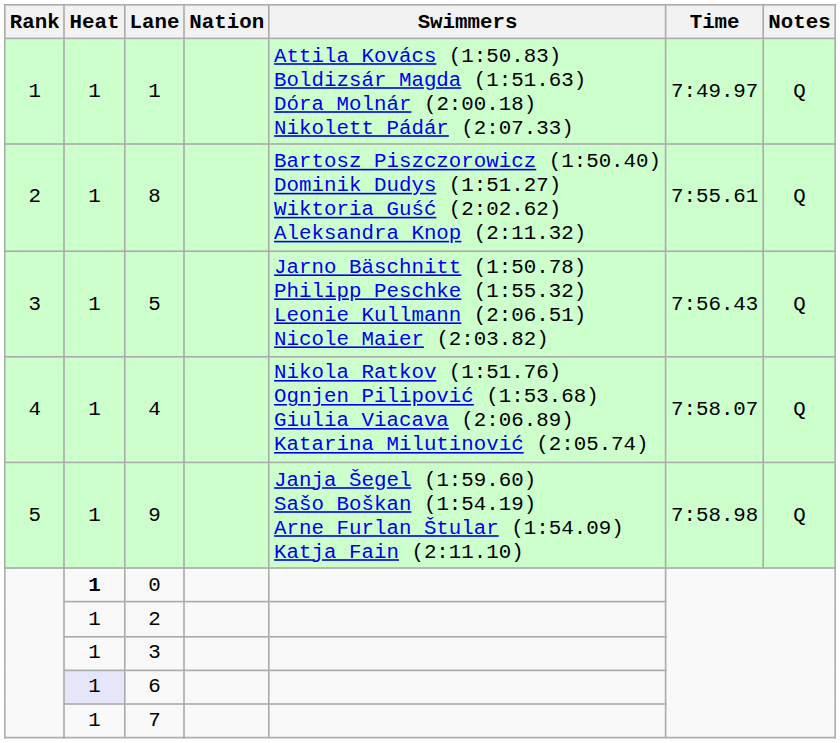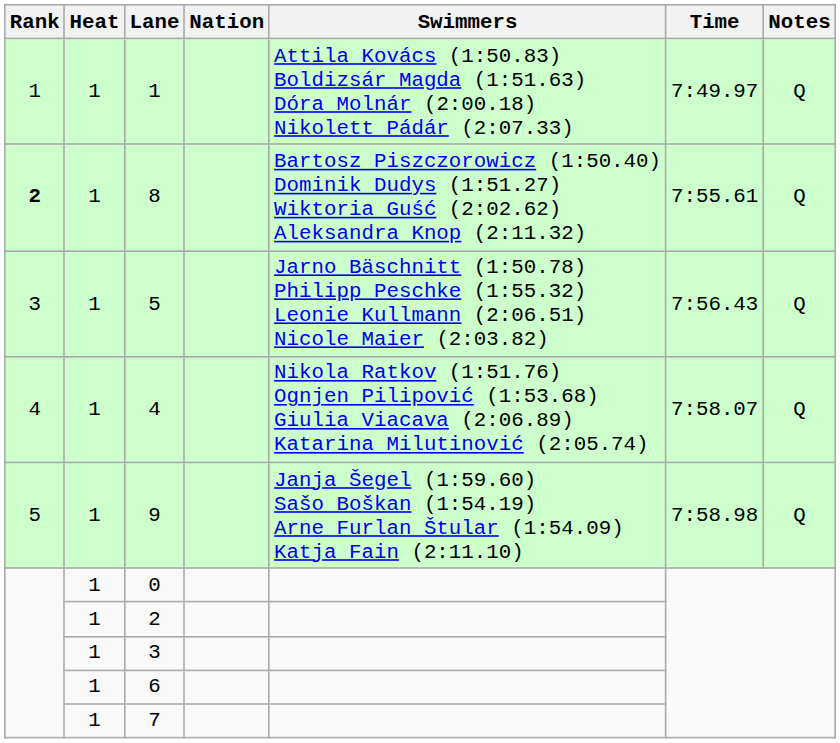 <table class="wikitable sortable" style="text-align:center">
 <tr>
 <th>Rank</th>
 <th>Heat</th>
 <th>Lane</th>
 <th>Nation</th>
 <th>Swimmers</th>
 <th>Time</th>
 <th>Notes</th>
 </tr>
 <tr bgcolor=ccffcc>
 <td>1</td>
 <td>1</td>
 <td>1</td>
 <td align=left></td>
 <td align=left><a href='#'>Attila Kovács</a> (1:50.83)<br><a href='#'>Boldizsár Magda</a> (1:51.63)<br><a href='#'>Dóra Molnár</a> (2:00.18)<br><a href='#'>Nikolett Pádár</a> (2:07.33)</td>
 <td>7:49.97</td>
 <td>Q</td>
 </tr>
 <tr bgcolor=ccffcc>
-<td>2</td>
+<td><strong>2</strong></td>
 <td>1</td>
 <td>8</td>
 <td align=left></td>
 <td align=left><a href='#'>Bartosz Piszczorowicz</a> (1:50.40)<br><a href='#'>Dominik Dudys</a> (1:51.27)<br><a href='#'>Wiktoria Guść</a> (2:02.62)<br><a href='#'>Aleksandra Knop</a> (2:11.32)</td>
 <td>7:55.61</td>
 <td>Q</td>
 </tr>
 <tr bgcolor=ccffcc>
 <td>3</td>
 <td>1</td>
 <td>5</td>
 <td align=left></td>
 <td align=left><a href='#'>Jarno Bäschnitt</a> (1:50.78)<br><a href='#'>Philipp Peschke</a> (1:55.32)<br><a href='#'>Leonie Kullmann</a> (2:06.51)<br><a href='#'>Nicole Maier</a> (2:03.82)</td>
 <td>7:56.43</td>
 <td>Q</td>
 </tr>
 <tr bgcolor=ccffcc>
 <td>4</td>
 <td>1</td>
 <td>4</td>
 <td align=left></td>
 <td align=left><a href='#'>Nikola Ratkov</a> (1:51.76)<br><a href='#'>Ognjen Pilipović</a> (1:53.68)<br><a href='#'>Giulia Viacava</a> (2:06.89)<br><a href='#'>Katarina Milutinović</a> (2:05.74)</td>
 <td>7:58.07</td>
 <td>Q</td>
 </tr>
 <tr bgcolor=ccffcc>
 <td>5</td>
 <td>1</td>
 <td>9</td>
 <td align=left></td>
 <td align=left><a href='#'>Janja Šegel</a> (1:59.60)<br><a href='#'>Sašo Boškan</a> (1:54.19)<br><a href='#'>Arne Furlan Štular</a> (1:54.09)<br><a href='#'>Katja Fain</a> (2:11.10)</td>
 <td>7:58.98</td>
 <td>Q</td>
 </tr>
 <tr>
 <td rowspan=5></td>
-<td><strong>1</strong></td>
+<td>1</td>
 <td>0</td>
 <td align=left></td>
 <td></td>
 <td colspan=2 rowspan=5></td>
 </tr>
 <tr>
 <td>1</td>
 <td>2</td>
 <td align=left></td>
 <td></td>
 </tr>
 <tr>
 <td>1</td>
 <td>3</td>
 <td align=left></td>
 <td></td>
 </tr>
 <tr>
-<td style="background: lavender;">1</td>
+<td>1</td>
 <td>6</td>
 <td align=left></td>
 <td></td>
 </tr>
 <tr>
 <td>1</td>
 <td>7</td>
 <td align=left></td>
 <td></td>
 </tr>
 </table>
